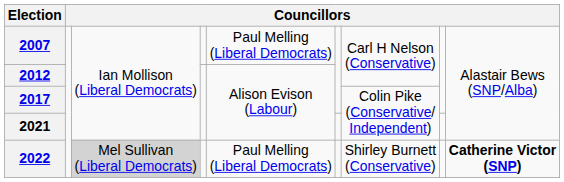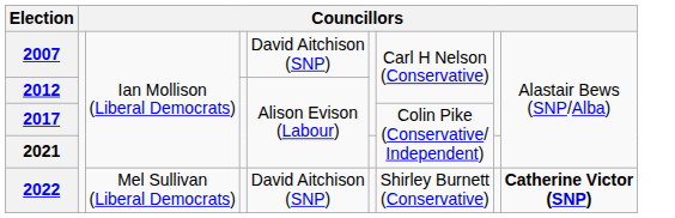 <table class="wikitable" style="text-align:center">
 <tr>
 <th>Election</th>
 <th colspan=8>Councillors</th>
 </tr>
 <tr>
 <th><a href='#'>2007</a></th>
 <td rowspan=5; style="background-color: "></td>
 <td rowspan=4>Ian Mollison<br>(<a href='#'>Liberal Democrats</a>)</td>
 <td rowspan=1; style="background-color: "></td>
-<td rowspan=1>Paul Melling<br>(<a href='#'>Liberal Democrats</a>)</td>
+<td rowspan=1>David Aitchison<br>(<a href='#'>SNP</a>)</td>
 <td rowspan=3; style="background-color: "></td>
 <td rowspan=2>Carl H Nelson<br>(<a href='#'>Conservative</a>)</td>
 <td rowspan=3; style="background-color: "></td>
 <td rowspan=4>Alastair Bews<br>(<a href='#'>SNP</a>/<a href='#'>Alba</a>)</td>
 </tr>
 <tr>
 <th><a href='#'>2012</a></th>
 <td rowspan=3; style="background-color: "></td>
 <td rowspan=3>Alison Evison<br>(<a href='#'>Labour</a>)</td>
 </tr>
 <tr>
 <th><a href='#'>2017</a></th>
 <td rowspan=2>Colin Pike<br>(<a href='#'>Conservative</a>/<br><a href='#'>Independent</a>)</td>
 </tr>
 <tr>
 <th>2021</th>
 <td rowspan=1; style="background-color: "></td>
 <td rowspan=1; style="background-color: "></td>
 </tr>
 <tr>
 <th><a href='#'>2022</a></th>
-<td rowspan=1 style="background: lightgrey;">Mel Sullivan<br>(<a href='#'>Liberal Democrats</a>)</td>
+<td rowspan=1>Mel Sullivan<br>(<a href='#'>Liberal Democrats</a>)</td>
 <td rowspan=1; style="background-color: "></td>
-<td rowspan=1>Paul Melling<br>(<a href='#'>Liberal Democrats</a>)</td>
+<td rowspan=1>David Aitchison<br>(<a href='#'>SNP</a>)</td>
 <td rowspan=1; style="background-color: "></td>
 <td rowspan=1>Shirley Burnett<br>(<a href='#'>Conservative</a>)</td>
 <td rowspan=1; style="background-color: "></td>
 <td rowspan=1><strong>Catherine Victor<br>(<a href='#'>SNP</a>)</strong></td>
 </tr>
 </table>
